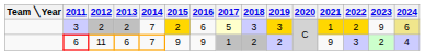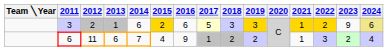 <table class=wikitable style="text-align:center; font-size:90%;">
 <tr>
 <th>Team ╲ Year</th>
 <th><a href='#'>2011</a></th>
 <th><a href='#'>2012</a></th>
 <th><a href='#'>2013</a></th>
 <th><a href='#'>2014</a></th>
 <th><a href='#'>2015</a></th>
 <th><a href='#'>2016</a></th>
 <th><a href='#'>2017</a></th>
 <th><a href='#'>2018</a></th>
 <th><a href='#'>2019</a></th>
 <th><a href='#'>2020</a></th>
 <th><a href='#'>2021</a></th>
 <th><a href='#'>2022</a></th>
 <th><a href='#'>2023</a></th>
 <th><a href='#'>2024</a></th>
 </tr>
 <tr>
 <td style="text-align:left"><strong></strong></td>
 <td style="background:#CCCCFF">3</td>
 <td style="background:silver">2</td>
-<td style="background:silver">2</td>
-<td>7</td>
+<td style="background:silver">1</td>
+<td>6</td>
 <td style="background:gold">2</td>
 <td>6</td>
 <td style="background:#FFFFCC">5</td>
 <td style="background:#CCCCFF">3</td>
 <td style="background:gold">3</td>
 <td style="background:#D3D3D3" rowspan=2>C</td>
 <td style="background:gold">1</td>
 <td style="background:gold">2</td>
 <td>9</td>
 <td style="background: khaki;">6</td>
 </tr>
 <tr>
 <td style="text-align:left"><strong></strong></td>
 <td style="border: 2px solid red;">6</td>
 <td style="border: 2px solid orange;">11</td>
 <td style="border: 2px solid orange;">6</td>
 <td style="border: 2px solid orange;">7</td>
-<td>9</td>
+<td>4</td>
 <td>9</td>
 <td style="background:silver">1</td>
 <td style="background:silver">2</td>
 <td style="background:#CCCCFF">2</td>
-<td>9</td>
+<td>1</td>
 <td style="background:#CCCCFF">3</td>
 <td style="background:#CCFFCC">2</td>
 <td style="background:#CCCCFF">4</td>
 </tr>
 </table>
